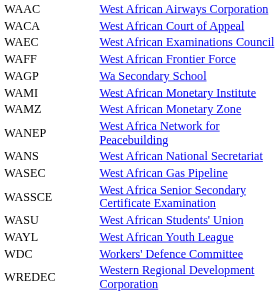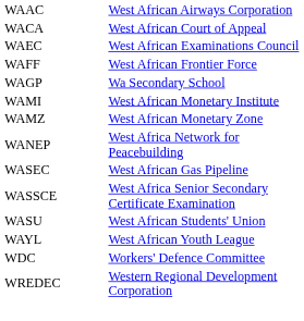 <table width="100%" style="text-verticalalign:top">
 <tr>
 <td width="20%">WAAC</td>
 <td width="40%"><a href='#'>West African Airways Corporation</a></td>
 <td width="40%"></td>
 </tr>
 <tr>
 <td>WACA</td>
 <td><a href='#'>West African Court of Appeal</a></td>
 <td></td>
 </tr>
 <tr>
 <td>WAEC</td>
 <td><a href='#'>West African Examinations Council</a></td>
 <td></td>
 </tr>
 <tr>
 <td>WAFF</td>
 <td><a href='#'>West African Frontier Force</a></td>
 <td></td>
 </tr>
 <tr>
 <td>WAGP</td>
 <td><a href='#'>Wa Secondary School</a></td>
 <td></td>
 </tr>
 <tr>
 <td>WAMI</td>
 <td><a href='#'>West African Monetary Institute</a></td>
 <td></td>
 </tr>
 <tr>
 <td>WAMZ</td>
 <td><a href='#'>West African Monetary Zone</a></td>
 <td></td>
 </tr>
 <tr>
 <td>WANEP</td>
 <td><a href='#'>West Africa Network for Peacebuilding</a></td>
 <td></td>
 </tr>
 <tr>
-<td>WANS</td>
-<td><a href='#'>West African National Secretariat</a></td>
-<td></td>
-</tr>
-<tr>
 <td>WASEC</td>
 <td><a href='#'>West African Gas Pipeline</a></td>
 <td></td>
 </tr>
 <tr>
 <td>WASSCE</td>
 <td><a href='#'>West Africa Senior Secondary Certificate Examination</a></td>
 <td></td>
 </tr>
 <tr>
 <td>WASU</td>
 <td><a href='#'>West African Students' Union</a></td>
 <td></td>
 </tr>
 <tr>
 <td>WAYL</td>
 <td><a href='#'>West African Youth League</a></td>
 <td></td>
 </tr>
 <tr>
 <td>WDC</td>
 <td><a href='#'>Workers' Defence Committee</a></td>
 <td></td>
 </tr>
 <tr>
 <td>WREDEC</td>
 <td><a href='#'>Western Regional Development Corporation</a></td>
 <td></td>
 </tr>
 </table>
